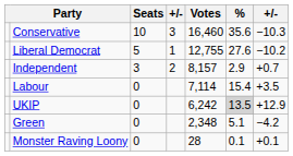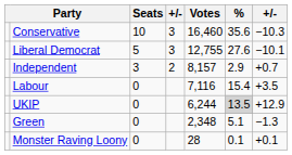 <table class="wikitable">
 <tr>
 <th colspan="2">Party</th>
 <th>Seats</th>
 <th>+/-</th>
 <th>Votes</th>
 <th>%</th>
 <th>+/-</th>
 </tr>
 <tr>
 <td style="background-color: "></td>
 <td><a href='#'>Conservative</a></td>
 <td>10</td>
 <td> 3</td>
 <td>16,460</td>
 <td>35.6</td>
 <td><span>−10.3</span></td>
 </tr>
 <tr>
 <td style="background-color: "></td>
 <td><a href='#'>Liberal Democrat</a></td>
 <td>5</td>
-<td> 1</td>
+<td> 3</td>
 <td>12,755</td>
 <td>27.6</td>
-<td><span>−10.2</span></td>
+<td><span>−10.1</span></td>
 </tr>
 <tr>
 <td style="background-color: "></td>
 <td><a href='#'>Independent</a></td>
 <td>3</td>
 <td> 2</td>
 <td>8,157</td>
 <td>2.9</td>
 <td><span>+0.7</span></td>
 </tr>
 <tr>
 <td style="background-color: "></td>
 <td><a href='#'>Labour</a></td>
 <td>0</td>
 <td></td>
-<td>7,114</td>
+<td>7,116</td>
 <td>15.4</td>
 <td><span>+3.5</span></td>
 </tr>
 <tr>
 <td style="background-color: "></td>
 <td><a href='#'>UKIP</a></td>
 <td>0</td>
 <td></td>
-<td>6,242</td>
+<td>6,244</td>
 <td style="background: lightgrey;">13.5</td>
 <td><span>+12.9</span></td>
 </tr>
 <tr>
 <td style="background-color: "></td>
 <td><a href='#'>Green</a></td>
 <td>0</td>
 <td></td>
 <td>2,348</td>
 <td>5.1</td>
-<td><span>−4.2</span></td>
+<td><span>−1.3</span></td>
 </tr>
 <tr>
 <td style="background-color: "></td>
 <td><a href='#'>Monster Raving Loony</a></td>
 <td>0</td>
 <td></td>
 <td>28</td>
 <td>0.1</td>
 <td><span>+0.1</span></td>
 </tr>
 </table>
